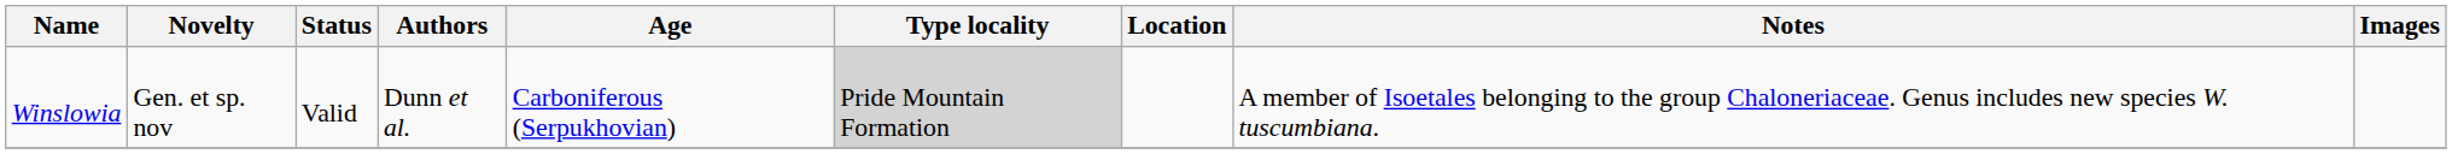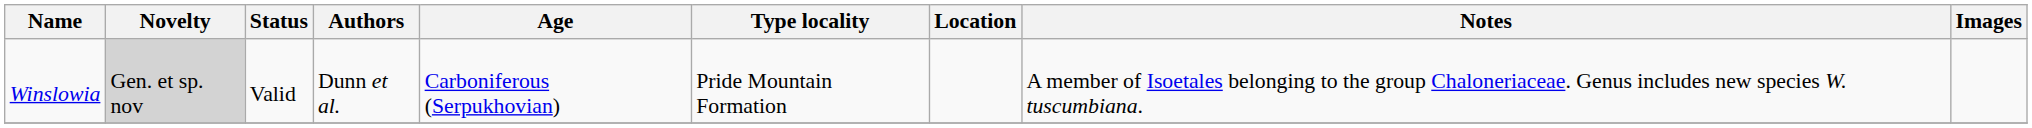 <table class="wikitable sortable" align="center" width="75%">
 <tr>
 <th>Name</th>
 <th>Novelty</th>
 <th>Status</th>
 <th>Authors</th>
 <th>Age</th>
 <th>Type locality</th>
 <th>Location</th>
 <th>Notes</th>
 <th>Images</th>
 </tr>
 <tr>
 <td><br><em><a href='#'>Winslowia</a></em></td>
-<td><br>Gen. et sp. nov</td>
+<td style="background: lightgrey;"><br>Gen. et sp. nov</td>
 <td><br>Valid</td>
 <td><br>Dunn <em>et al.</em></td>
 <td><br><a href='#'>Carboniferous</a> (<a href='#'>Serpukhovian</a>)</td>
-<td style="background: lightgrey;"><br>Pride Mountain Formation</td>
+<td><br>Pride Mountain Formation</td>
 <td><br></td>
 <td><br>A member of <a href='#'>Isoetales</a> belonging to the group <a href='#'>Chaloneriaceae</a>. Genus includes new species <em>W. tuscumbiana</em>.</td>
 <td></td>
 </tr>
 <tr>
 </tr>
 </table>
